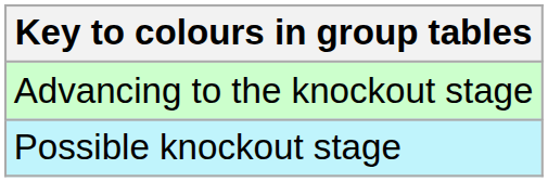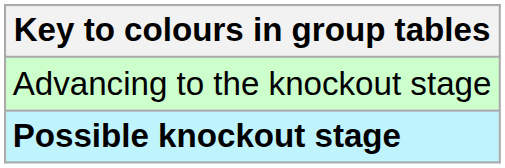 <table class="wikitable">
 <tr>
 <th>Key to colours in group tables</th>
 </tr>
 <tr bgcolor=#ccffcc>
 <td>Advancing to the knockout stage</td>
 </tr>
 <tr bgcolor=#c0f4fc>
-<td>Possible knockout stage</td>
+<td><strong>Possible knockout stage</strong></td>
 </tr>
 </table>
